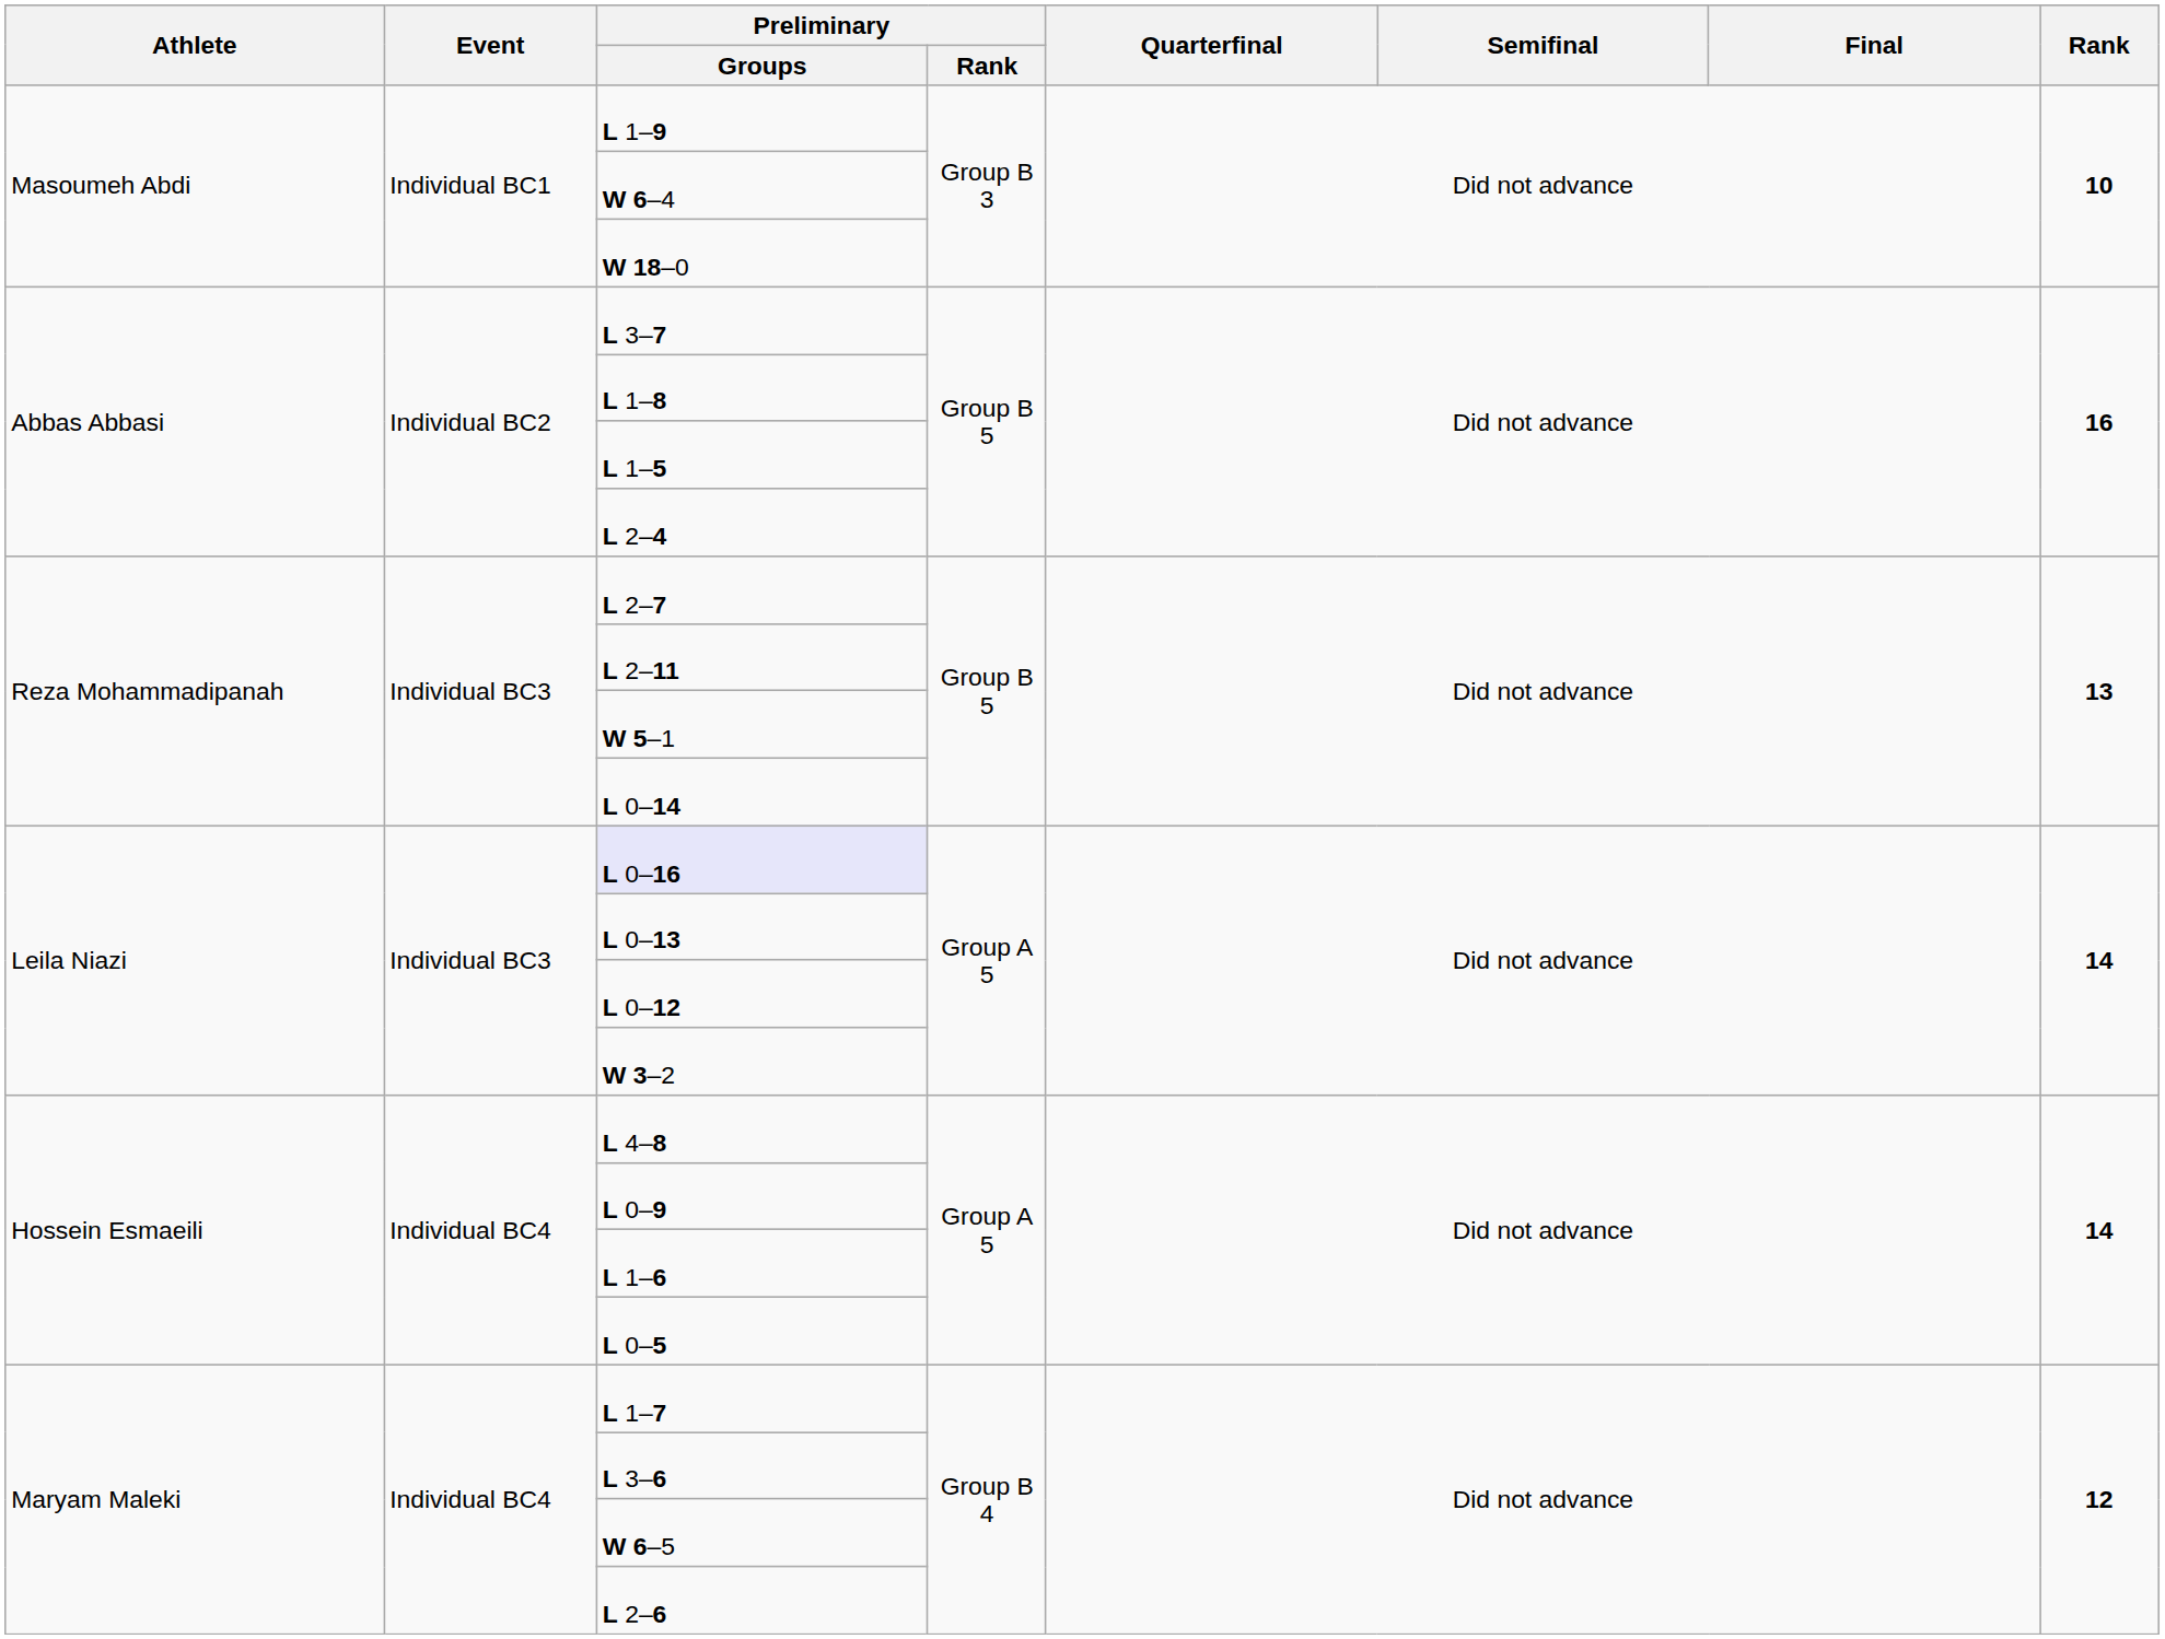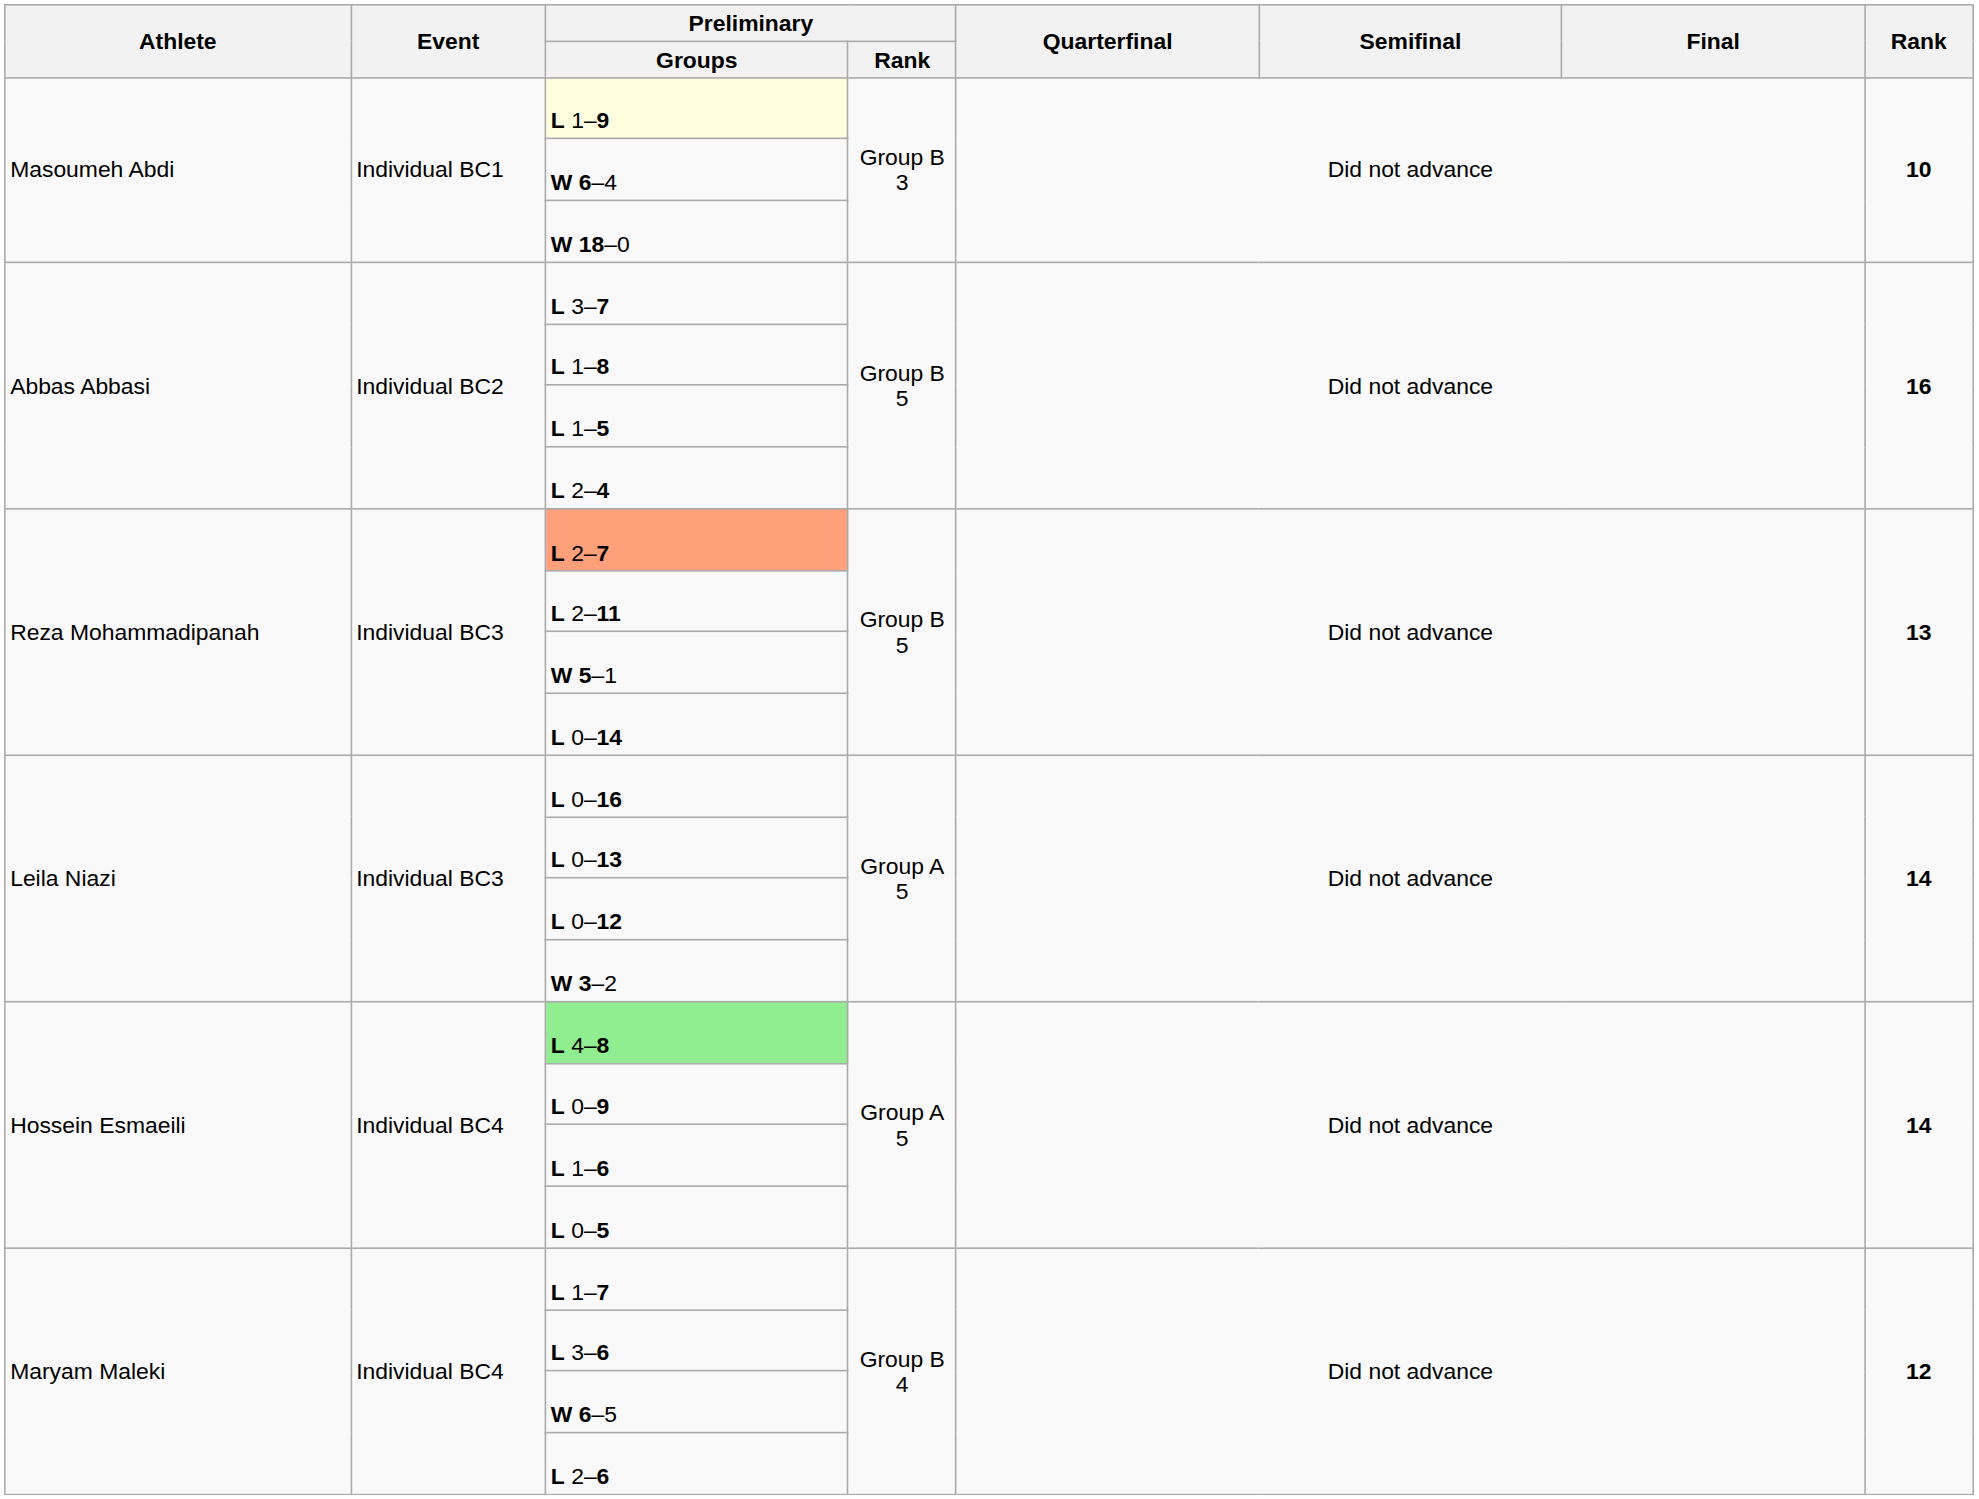 <table class="wikitable" width="98%" style="text-align:left; font-size:90%">
 <tr>
 <th rowspan="2" width="16%">Athlete</th>
 <th rowspan="2" width="9%">Event</th>
 <th colspan="2">Preliminary</th>
 <th rowspan="2" width="14%">Quarterfinal</th>
 <th rowspan="2" width="14%">Semifinal</th>
 <th rowspan="2" width="14%">Final</th>
 <th rowspan="2" width="5%">Rank</th>
 </tr>
 <tr>
 <th width="14%">Groups</th>
 <th width="5%">Rank</th>
 </tr>
 <tr>
 <td rowspan="3">Masoumeh Abdi</td>
 <td rowspan="3">Individual BC1</td>
-<td><br><strong>L</strong> 1–<strong>9</strong></td>
+<td style="background: lightyellow;"><br><strong>L</strong> 1–<strong>9</strong></td>
 <td rowspan="3" align=center>Group B<br>3</td>
 <td colspan=3 rowspan="3" align=center>Did not advance</td>
 <td rowspan="3" align="center"><strong>10</strong></td>
 </tr>
 <tr>
 <td><br><strong>W</strong> <strong>6</strong>–4</td>
 </tr>
 <tr>
 <td><br><strong>W</strong> <strong>18</strong>–0</td>
 </tr>
 <tr>
 <td rowspan="4">Abbas Abbasi</td>
 <td rowspan="4">Individual BC2</td>
 <td><br><strong>L</strong> 3–<strong>7</strong></td>
 <td rowspan="4" align=center>Group B<br>5</td>
 <td colspan=3 rowspan="4" align=center>Did not advance</td>
 <td rowspan="4" align="center"><strong>16</strong></td>
 </tr>
 <tr>
 <td><br><strong>L</strong> 1–<strong>8</strong></td>
 </tr>
 <tr>
 <td><br><strong>L</strong> 1–<strong>5</strong></td>
 </tr>
 <tr>
 <td><br><strong>L</strong> 2–<strong>4</strong></td>
 </tr>
 <tr>
 <td rowspan="4">Reza Mohammadipanah</td>
 <td rowspan="4">Individual BC3</td>
-<td><br><strong>L</strong> 2–<strong>7</strong></td>
+<td style="background: lightsalmon;"><br><strong>L</strong> 2–<strong>7</strong></td>
 <td rowspan="4" align=center>Group B<br>5</td>
 <td colspan=3 rowspan="4" align=center>Did not advance</td>
 <td rowspan="4" align="center"><strong>13</strong></td>
 </tr>
 <tr>
 <td><br><strong>L</strong> 2–<strong>11</strong></td>
 </tr>
 <tr>
 <td><br><strong>W</strong> <strong>5</strong>–1</td>
 </tr>
 <tr>
 <td><br><strong>L</strong> 0–<strong>14</strong></td>
 </tr>
 <tr>
 <td rowspan="4">Leila Niazi</td>
 <td rowspan="4">Individual BC3</td>
-<td style="background: lavender;"><br><strong>L</strong> 0–<strong>16</strong></td>
+<td><br><strong>L</strong> 0–<strong>16</strong></td>
 <td rowspan="4" align=center>Group A<br>5</td>
 <td colspan=3 rowspan="4" align=center>Did not advance</td>
 <td rowspan="4" align="center"><strong>14</strong></td>
 </tr>
 <tr>
 <td><br><strong>L</strong> 0–<strong>13</strong></td>
 </tr>
 <tr>
 <td><br><strong>L</strong> 0–<strong>12</strong></td>
 </tr>
 <tr>
 <td><br><strong>W</strong> <strong>3</strong>–2</td>
 </tr>
 <tr>
 <td rowspan="4">Hossein Esmaeili</td>
 <td rowspan="4">Individual BC4</td>
-<td><br><strong>L</strong> 4–<strong>8</strong></td>
+<td style="background: lightgreen;"><br><strong>L</strong> 4–<strong>8</strong></td>
 <td rowspan="4" align=center>Group A<br>5</td>
 <td colspan=3 rowspan="4" align=center>Did not advance</td>
 <td rowspan="4" align="center"><strong>14</strong></td>
 </tr>
 <tr>
 <td><br><strong>L</strong> 0–<strong>9</strong></td>
 </tr>
 <tr>
 <td><br><strong>L</strong> 1–<strong>6</strong></td>
 </tr>
 <tr>
 <td><br><strong>L</strong> 0–<strong>5</strong></td>
 </tr>
 <tr>
 <td rowspan="4">Maryam Maleki</td>
 <td rowspan="4">Individual BC4</td>
 <td><br><strong>L</strong> 1–<strong>7</strong></td>
 <td rowspan="4" align=center>Group B<br>4</td>
 <td colspan=3 rowspan="4" align=center>Did not advance</td>
 <td rowspan="4" align="center"><strong>12</strong></td>
 </tr>
 <tr>
 <td><br><strong>L</strong> 3–<strong>6</strong></td>
 </tr>
 <tr>
 <td><br><strong>W</strong> <strong>6</strong>–5</td>
 </tr>
 <tr>
 <td><br><strong>L</strong> 2–<strong>6</strong></td>
 </tr>
 </table>
